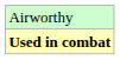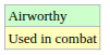 <table class="wikitable plainrowheaders">
 <tr>
 <td style="background:#cfc;">Airworthy</td>
 </tr>
 <tr>
-<td style="background:#ffb;"><strong>Used in combat</strong></td>
+<td style="background:#ffb;">Used in combat</td>
 </tr>
 </table>
